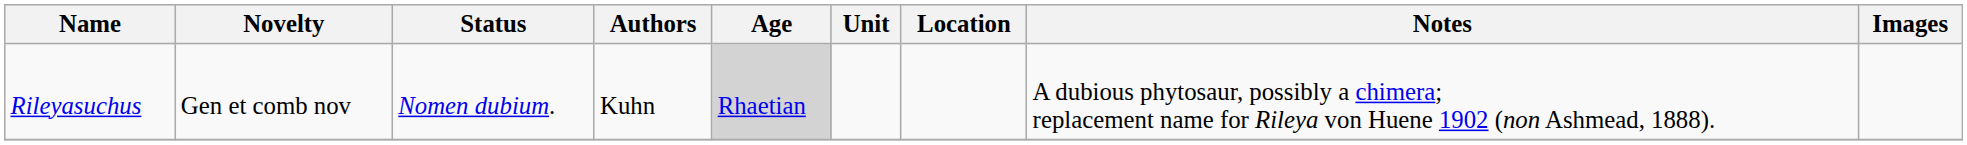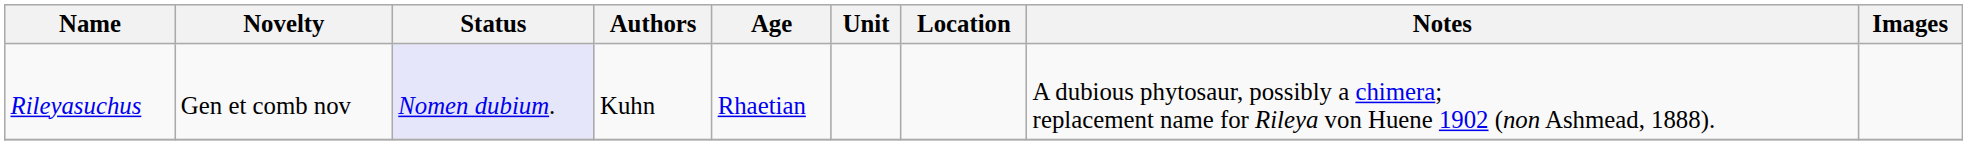 <table class="wikitable sortable" align="center" width="100%">
 <tr>
 <th>Name</th>
 <th>Novelty</th>
 <th>Status</th>
 <th>Authors</th>
 <th>Age</th>
 <th>Unit</th>
 <th>Location</th>
 <th>Notes</th>
 <th>Images</th>
 </tr>
 <tr>
 <td><br><em><a href='#'>Rileyasuchus</a></em></td>
 <td><br>Gen et comb nov</td>
-<td><br><em><a href='#'>Nomen dubium</a></em>.</td>
+<td style="background: lavender;"><br><em><a href='#'>Nomen dubium</a></em>.</td>
 <td><br>Kuhn</td>
-<td style="background: lightgrey;"><br><a href='#'>Rhaetian</a></td>
+<td><br><a href='#'>Rhaetian</a></td>
 <td></td>
 <td><br><br></td>
 <td><br>A dubious phytosaur, possibly a <a href='#'>chimera</a>;<br> replacement name for <em>Rileya</em> von Huene <a href='#'>1902</a> (<em>non</em> Ashmead, 1888).</td>
 <td></td>
 </tr>
 <tr>
 </tr>
 </table>
